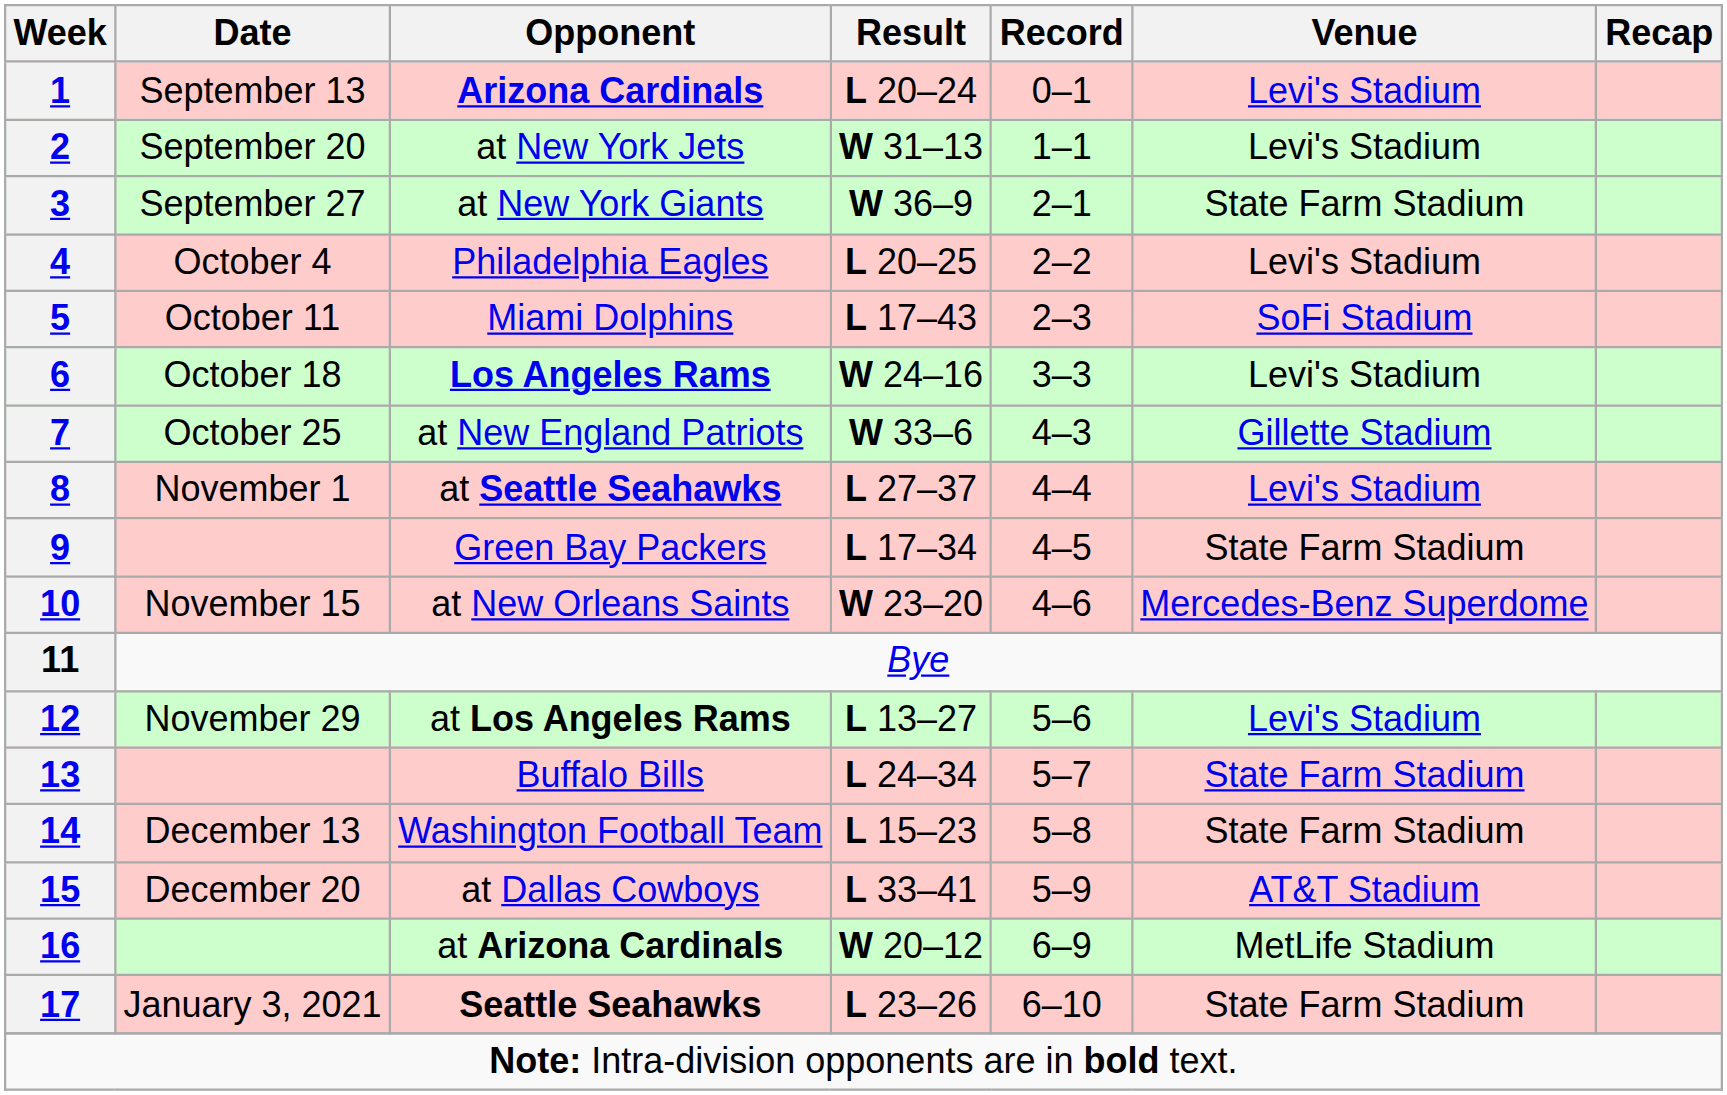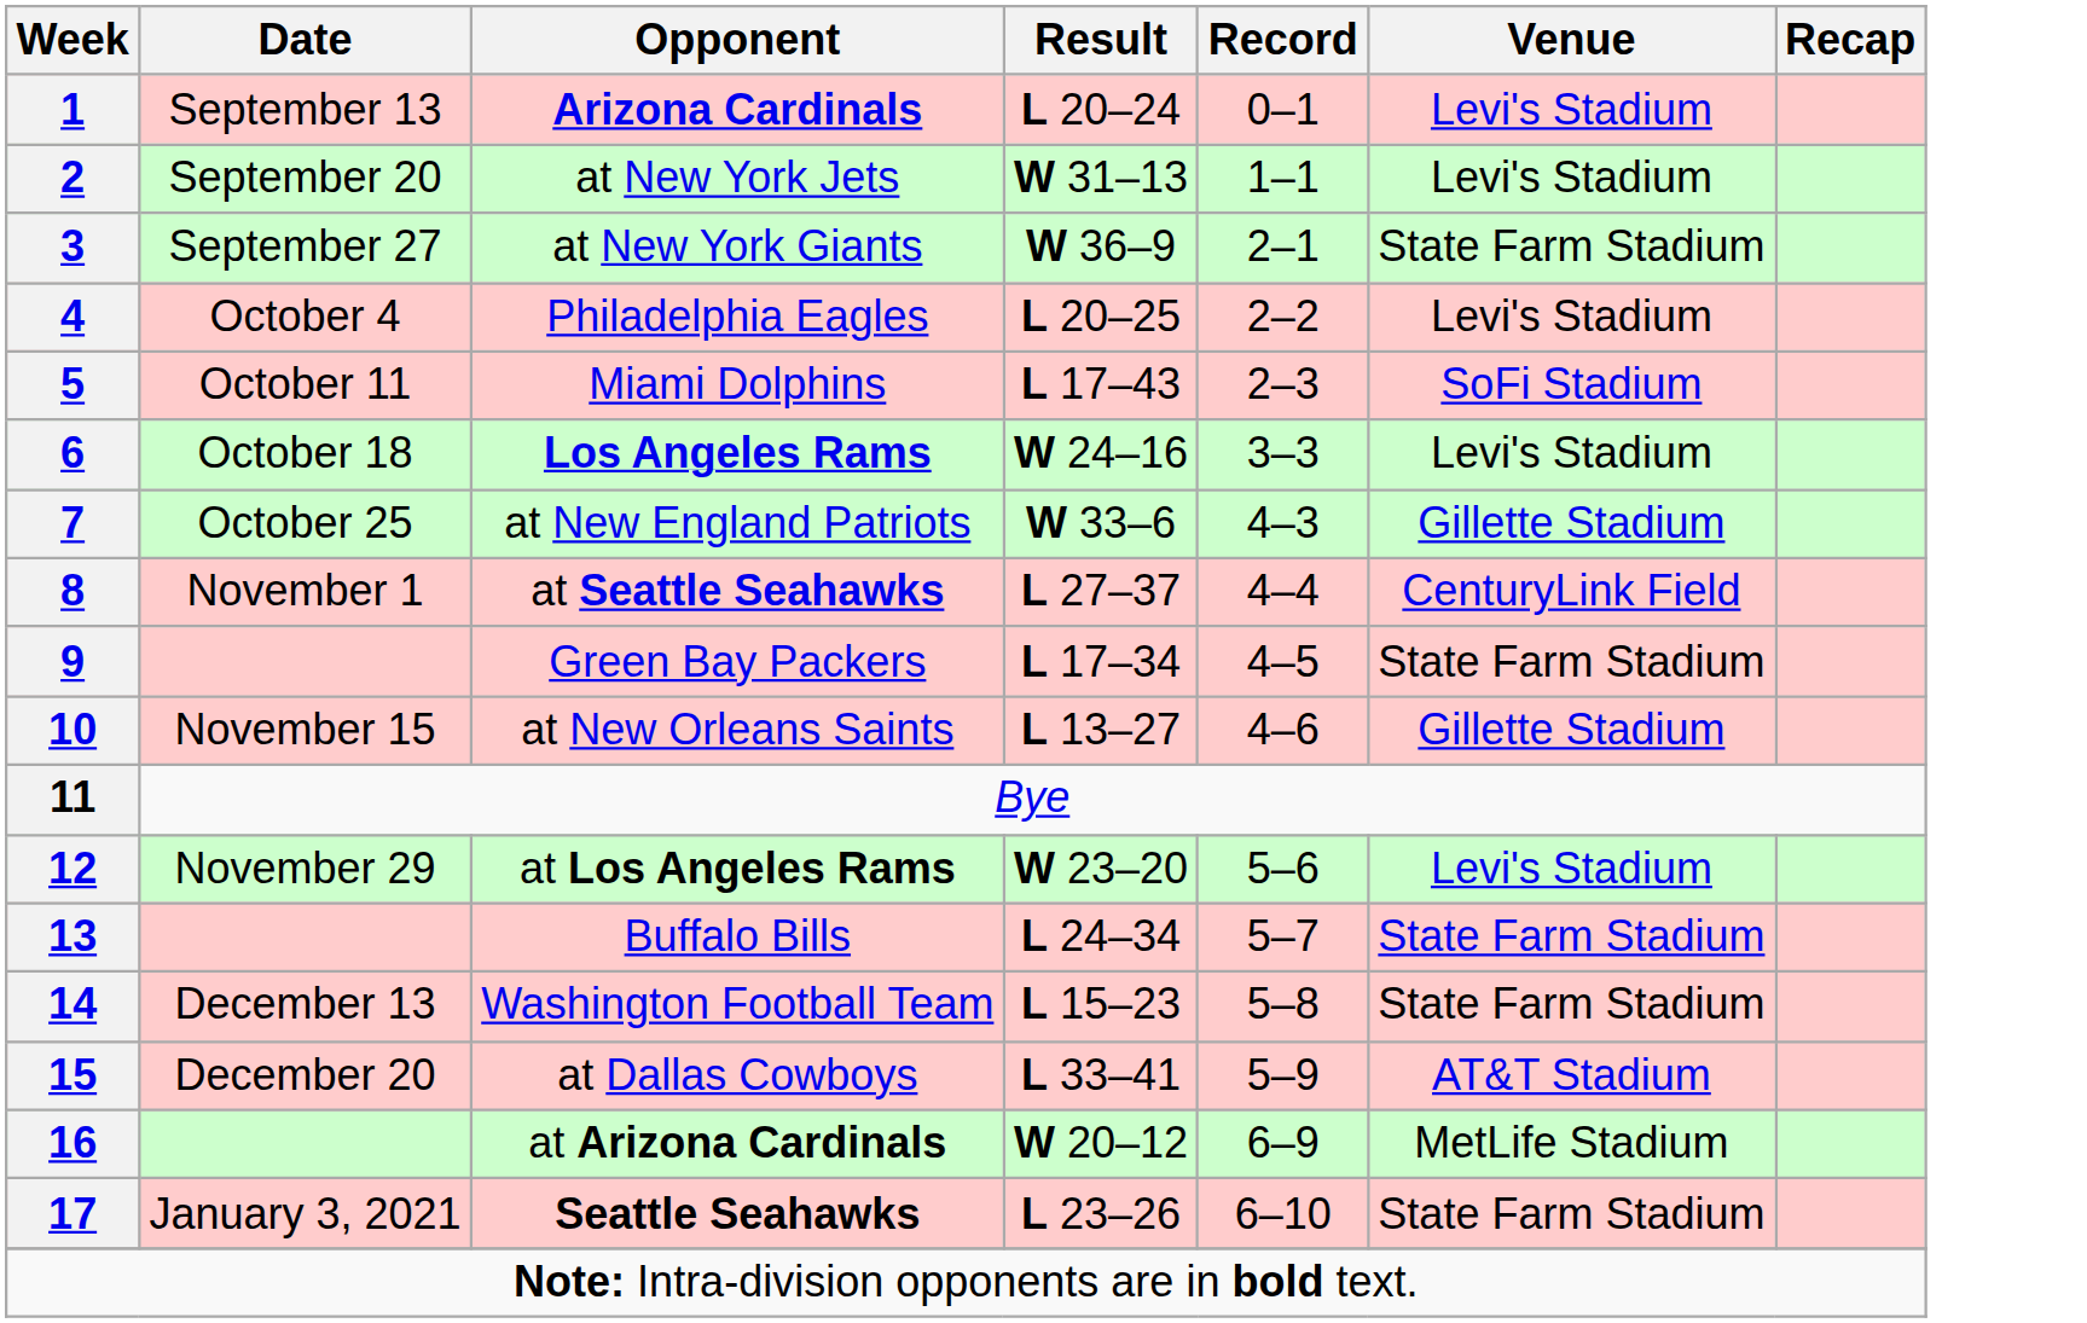 <table class="wikitable" style="text-align:center">
 <tr>
 <th>Week</th>
 <th>Date</th>
 <th>Opponent</th>
 <th>Result</th>
 <th>Record</th>
 <th>Venue</th>
 <th>Recap</th>
 </tr>
 <tr style="background:#fcc">
 <th><a href='#'>1</a></th>
 <td>September 13</td>
 <td><strong><a href='#'>Arizona Cardinals</a></strong></td>
 <td><strong>L</strong> 20–24</td>
 <td>0–1</td>
 <td><a href='#'>Levi's Stadium</a></td>
 <td></td>
 </tr>
 <tr style="background:#cfc">
 <th><a href='#'>2</a></th>
 <td>September 20</td>
 <td>at <a href='#'>New York Jets</a></td>
 <td><strong>W</strong> 31–13</td>
 <td>1–1</td>
 <td>Levi's Stadium</td>
 <td></td>
 </tr>
 <tr style="background:#cfc">
 <th><a href='#'>3</a></th>
 <td>September 27</td>
 <td>at <a href='#'>New York Giants</a></td>
 <td><strong>W</strong> 36–9</td>
 <td>2–1</td>
 <td>State Farm Stadium</td>
 <td></td>
 </tr>
 <tr style="background:#fcc">
 <th><a href='#'>4</a></th>
 <td>October 4</td>
 <td><a href='#'>Philadelphia Eagles</a></td>
 <td><strong>L</strong> 20–25</td>
 <td>2–2</td>
 <td>Levi's Stadium</td>
 <td></td>
 </tr>
 <tr style="background:#fcc">
 <th><a href='#'>5</a></th>
 <td>October 11</td>
 <td><a href='#'>Miami Dolphins</a></td>
 <td><strong>L</strong> 17–43</td>
 <td>2–3</td>
 <td><a href='#'>SoFi Stadium</a></td>
 <td></td>
 </tr>
 <tr style="background:#cfc">
 <th><a href='#'>6</a></th>
 <td>October 18</td>
 <td><strong><a href='#'>Los Angeles Rams</a></strong></td>
 <td><strong>W</strong> 24–16</td>
 <td>3–3</td>
 <td>Levi's Stadium</td>
 <td></td>
 </tr>
 <tr style="background:#cfc">
 <th><a href='#'>7</a></th>
 <td>October 25</td>
 <td>at <a href='#'>New England Patriots</a></td>
 <td><strong>W</strong> 33–6</td>
 <td>4–3</td>
 <td><a href='#'>Gillette Stadium</a></td>
 <td></td>
 </tr>
 <tr style="background:#fcc">
 <th><a href='#'>8</a></th>
 <td>November 1</td>
 <td>at <strong><a href='#'>Seattle Seahawks</a></strong></td>
 <td><strong>L</strong> 27–37</td>
 <td>4–4</td>
-<td><a href='#'>Levi's Stadium</a></td>
+<td><a href='#'>CenturyLink Field</a></td>
 <td></td>
 </tr>
 <tr style="background:#fcc">
 <th><a href='#'>9</a></th>
 <td></td>
 <td><a href='#'>Green Bay Packers</a></td>
 <td><strong>L</strong> 17–34</td>
 <td>4–5</td>
 <td>State Farm Stadium</td>
 <td></td>
 </tr>
 <tr style="background:#fcc">
 <th><a href='#'>10</a></th>
 <td>November 15</td>
 <td>at <a href='#'>New Orleans Saints</a></td>
-<td><strong>W</strong> 23–20</td>
+<td><strong>L</strong> 13–27</td>
 <td>4–6</td>
-<td><a href='#'>Mercedes-Benz Superdome</a></td>
+<td><a href='#'>Gillette Stadium</a></td>
 <td></td>
 </tr>
 <tr>
 <th>11</th>
 <td colspan="6"><em><a href='#'>Bye</a></em></td>
 </tr>
 <tr style="background:#cfc">
 <th><a href='#'>12</a></th>
 <td>November 29</td>
 <td>at <strong>Los Angeles Rams</strong></td>
-<td><strong>L</strong> 13–27</td>
+<td><strong>W</strong> 23–20</td>
 <td>5–6</td>
 <td><a href='#'>Levi's Stadium</a></td>
 <td></td>
 </tr>
 <tr style="background:#fcc">
 <th><a href='#'>13</a></th>
 <td></td>
 <td><a href='#'>Buffalo Bills</a></td>
 <td><strong>L</strong> 24–34</td>
 <td>5–7</td>
 <td><a href='#'>State Farm Stadium</a></td>
 <td></td>
 </tr>
 <tr style="background:#fcc">
 <th><a href='#'>14</a></th>
 <td>December 13</td>
 <td><a href='#'>Washington Football Team</a></td>
 <td><strong>L</strong> 15–23</td>
 <td>5–8</td>
 <td>State Farm Stadium</td>
 <td></td>
 </tr>
 <tr style="background:#fcc">
 <th><a href='#'>15</a></th>
 <td>December 20</td>
 <td>at <a href='#'>Dallas Cowboys</a></td>
 <td><strong>L</strong> 33–41</td>
 <td>5–9</td>
 <td><a href='#'>AT&T Stadium</a></td>
 <td></td>
 </tr>
 <tr style="background:#cfc">
 <th><a href='#'>16</a></th>
 <td></td>
 <td>at <strong>Arizona Cardinals</strong></td>
 <td><strong>W</strong> 20–12</td>
 <td>6–9</td>
 <td>MetLife Stadium</td>
 <td></td>
 </tr>
 <tr style="background:#fcc">
 <th><a href='#'>17</a></th>
 <td>January 3, 2021</td>
 <td><strong>Seattle Seahawks</strong></td>
 <td><strong>L</strong> 23–26</td>
 <td>6–10</td>
 <td>State Farm Stadium</td>
 <td></td>
 </tr>
 <tr>
 </tr>
 <tr>
 <td colspan="8"><strong>Note:</strong> Intra-division opponents are in <strong>bold</strong> text.</td>
 </tr>
 </table>
